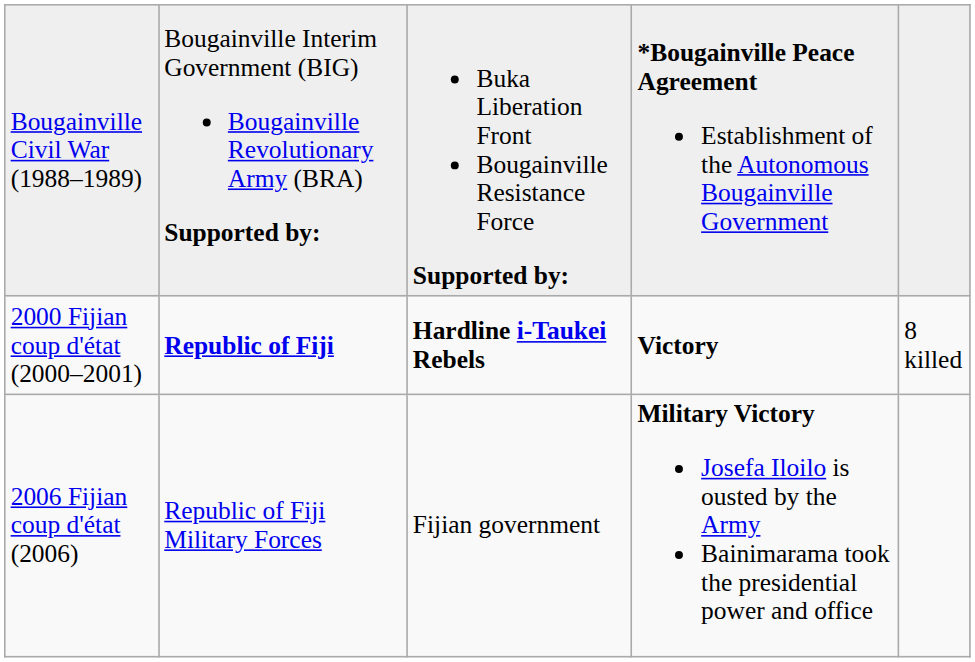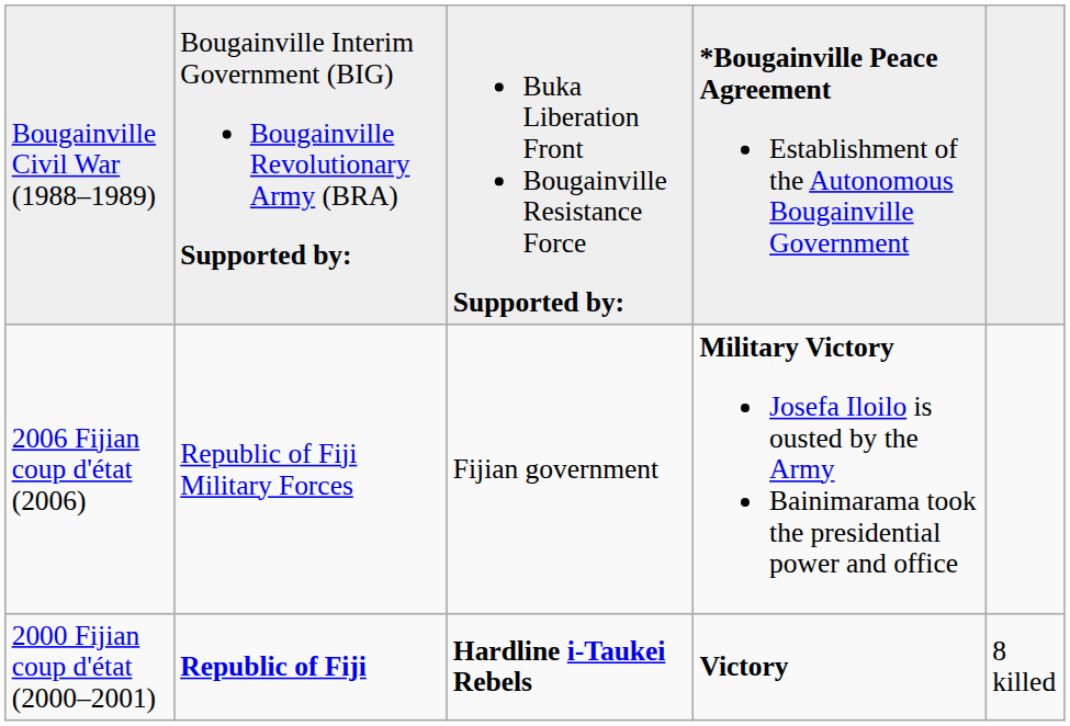 <table class="wikitable">
 <tr>
 <td style="background:#efefef"><a href='#'>Bougainville Civil War</a><br>(1988–1989)</td>
 <td style="background:#efefef"> Bougainville Interim Government (BIG)<br><ul><li><a href='#'>Bougainville Revolutionary Army</a> (BRA)</li></ul><strong>Supported by:</strong><br><br></td>
 <td style="background:#efefef"><br><ul><li>Buka Liberation Front</li><li>Bougainville Resistance Force</li></ul><strong>Supported by:</strong><br> </td>
 <td style="background:#efefef"><strong>*Bougainville Peace Agreement</strong><br><ul><li>Establishment of the <a href='#'>Autonomous Bougainville Government</a></li></ul></td>
 <td style="background:#efefef"></td>
 </tr>
 <tr>
+<td><a href='#'>2006 Fijian coup d'état</a><br>(2006)</td>
+<td><a href='#'>Republic of Fiji Military Forces</a></td>
+<td>Fijian government</td>
+<td><strong>Military Victory</strong><br><ul><li><a href='#'>Josefa Iloilo</a> is ousted by the <a href='#'>Army</a></li><li>Bainimarama took the presidential power and office</li></ul></td>
+<td></td>
+</tr>
+<tr>
 <td><a href='#'>2000 Fijian coup d'état</a><br>(2000–2001)</td>
 <td> <strong><a href='#'>Republic of Fiji</a></strong></td>
 <td><strong>Hardline <a href='#'>i-Taukei</a> Rebels</strong></td>
 <td><strong>Victory</strong></td>
 <td>8 killed</td>
 </tr>
-<tr>
-<td><a href='#'>2006 Fijian coup d'état</a><br>(2006)</td>
-<td><a href='#'>Republic of Fiji Military Forces</a></td>
-<td>Fijian government</td>
-<td><strong>Military Victory</strong><br><ul><li><a href='#'>Josefa Iloilo</a> is ousted by the <a href='#'>Army</a></li><li>Bainimarama took the presidential power and office</li></ul></td>
-<td></td>
-</tr>
 </table>
